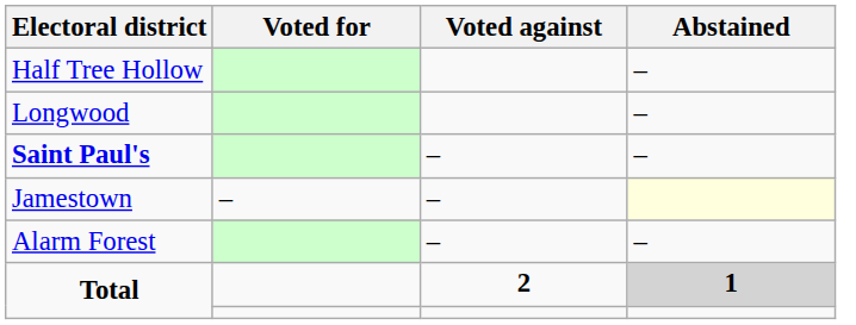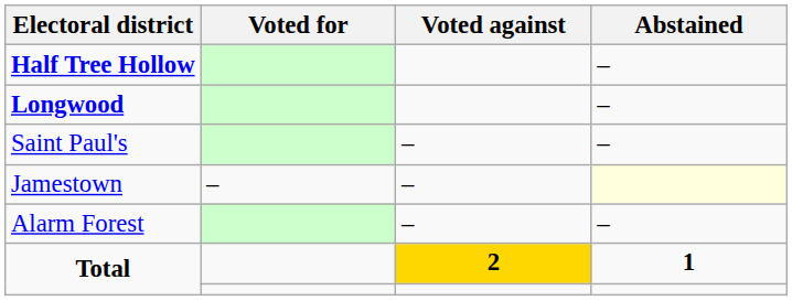 <table class="wikitable">
 <tr>
 <th>Electoral district</th>
 <th style="width:25%;">Voted for</th>
 <th style="width:25%;">Voted against</th>
 <th style="width:25%;">Abstained</th>
 </tr>
 <tr>
-<td><a href='#'>Half Tree Hollow</a></td>
+<td><strong><a href='#'>Half Tree Hollow</a></strong></td>
 <td style="background-color:#CCFFCC;"></td>
 <td></td>
 <td>–</td>
 </tr>
 <tr>
-<td><a href='#'>Longwood</a></td>
+<td><strong><a href='#'>Longwood</a></strong></td>
 <td style="background-color:#CCFFCC;"></td>
 <td></td>
 <td>–</td>
 </tr>
 <tr>
-<td><strong><a href='#'>Saint Paul's</a></strong></td>
+<td><a href='#'>Saint Paul's</a></td>
 <td style="background-color:#CCFFCC;"></td>
 <td>–</td>
 <td>–</td>
 </tr>
 <tr>
 <td><a href='#'>Jamestown</a></td>
 <td>–</td>
 <td>–</td>
 <td style="background-color:#FFD;"></td>
 </tr>
 <tr>
 <td><a href='#'>Alarm Forest</a></td>
 <td style="background-color:#CCFFCC;"></td>
 <td>–</td>
 <td>–</td>
 </tr>
 <tr>
 <td style="text-align:center;" rowspan="2"><strong>Total</strong></td>
 <td></td>
-<td style="text-align:center;"><strong>2</strong></td>
-<td style="background: lightgrey; text-align:center;"><strong>1</strong></td>
+<td style="background: gold; text-align:center;"><strong>2</strong></td>
+<td style="text-align:center;"><strong>1</strong></td>
 </tr>
 <tr>
 <td style="text-align:center;"></td>
 <td style="text-align:center;"></td>
 <td style="text-align:center;"></td>
 </tr>
 </table>
